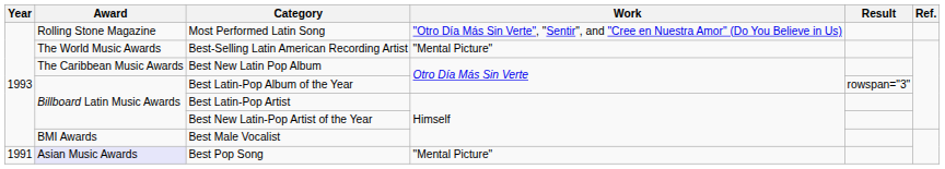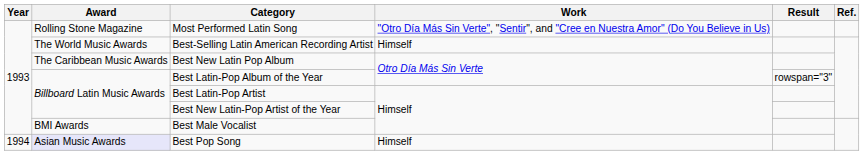 <table class="wikitable">
 <tr>
 <th>Year</th>
 <th>Award</th>
 <th>Category</th>
 <th>Work</th>
 <th>Result</th>
 <th>Ref.</th>
 </tr>
 <tr>
 <td rowspan="7">1993</td>
 <td>Rolling Stone Magazine</td>
 <td>Most Performed Latin Song</td>
 <td><a href='#'>"Otro Día Más Sin Verte"</a>, "<a href='#'>Sentir</a>", and <a href='#'>"Cree en Nuestra Amor" (Do You Believe in Us)</a></td>
 <td></td>
 <td></td>
 </tr>
 <tr>
 <td>The World Music Awards</td>
 <td>Best-Selling Latin American Recording Artist</td>
-<td>"Mental Picture"</td>
+<td>Himself</td>
 <td></td>
 <td rowspan="5"></td>
 </tr>
 <tr>
 <td>The Caribbean Music Awards</td>
 <td>Best New Latin Pop Album</td>
 <td rowspan="2"><em><a href='#'>Otro Día Más Sin Verte</a></em></td>
 <td></td>
 </tr>
 <tr>
 <td rowspan="3"><em>Billboard</em> Latin Music Awards</td>
 <td>Best Latin-Pop Album of the Year</td>
 <td>rowspan="3" </td>
 </tr>
 <tr>
 <td>Best Latin-Pop Artist</td>
 <td rowspan="3">Himself</td>
 </tr>
 <tr>
 <td>Best New Latin-Pop Artist of the Year</td>
 <td></td>
 </tr>
 <tr>
 <td>BMI Awards</td>
 <td>Best Male Vocalist</td>
 <td></td>
 </tr>
 <tr>
-<td>1991</td>
+<td>1994</td>
 <td style="background: lavender;">Asian Music Awards</td>
 <td>Best Pop Song</td>
-<td>"Mental Picture"</td>
+<td>Himself</td>
 <td></td>
 </tr>
 </table>
